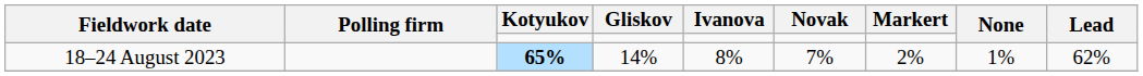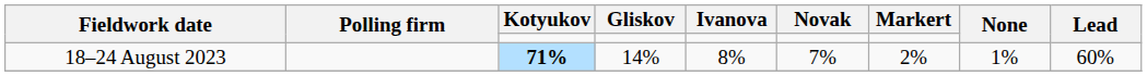 <table class=wikitable style="font-size:95%; line-height:14px; text-align:center">
 <tr>
 <th style=width:200px; rowspan=2>Fieldwork date</th>
 <th style=width:150px; rowspan=2>Polling firm</th>
 <th style="width:60px;">Kotyukov</th>
 <th style="width:60px;">Gliskov</th>
 <th style="width:60px;">Ivanova</th>
 <th style="width:60px;">Novak</th>
 <th style="width:60px;">Markert</th>
 <th style="width:60px;" rowspan=2>None</th>
 <th style="width:60px;" rowspan="2">Lead</th>
 </tr>
 <tr>
 <td bgcolor=></td>
 <td bgcolor=></td>
 <td bgcolor=></td>
 <td bgcolor=></td>
 <td bgcolor=></td>
 </tr>
 <tr>
 <td>18–24 August 2023</td>
 <td></td>
-<td style="background:#B3E0FF"><strong>65%</strong></td>
+<td style="background:#B3E0FF"><strong>71%</strong></td>
 <td>14%</td>
 <td>8%</td>
 <td>7%</td>
 <td>2%</td>
 <td>1%</td>
-<td style="background:">62%</td>
+<td style="background:">60%</td>
 </tr>
 <tr>
 </tr>
 </table>
